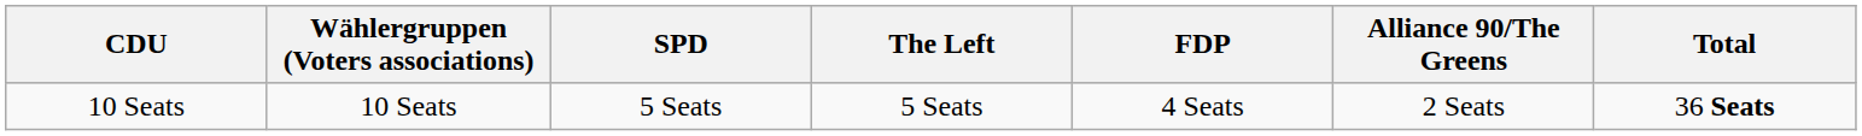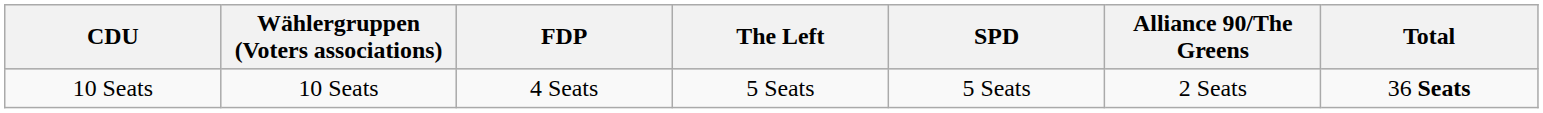 <table class="wikitable" style="width:65%;">
 <tr style="background-color:#eeeeee;">
 <th style="width:100px;">CDU</th>
 <th style="width:100px;">Wählergruppen (Voters associations)</th>
+<th style="width:100px;">FDP</th>
+<th style="width:100px;">The Left</th>
 <th style="width:100px;">SPD</th>
-<th style="width:100px;">The Left</th>
-<th style="width:100px;">FDP</th>
 <th style="width:100px;">Alliance 90/The Greens</th>
 <th style="width:100px;"><strong>Total</strong></th>
 </tr>
 <tr style="text-align:center;">
 <td>10 Seats</td>
 <td>10 Seats</td>
+<td>4 Seats</td>
 <td>5 Seats</td>
 <td>5 Seats</td>
-<td>4 Seats</td>
 <td>2 Seats</td>
 <td>36 <strong>Seats</strong></td>
 </tr>
 </table>
